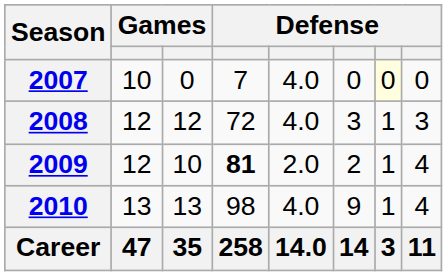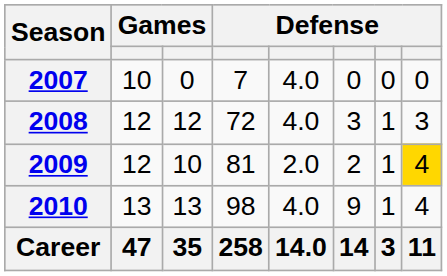 <table class="wikitable" style="text-align:center;">
 <tr>
 <th rowspan="2">Season</th>
 <th colspan="2">Games</th>
 <th colspan="5">Defense</th>
 </tr>
 <tr>
 <th></th>
 <th></th>
 <th></th>
 <th></th>
 <th></th>
 <th></th>
 <th></th>
 </tr>
 <tr>
 <th><a href='#'>2007</a></th>
 <td>10</td>
 <td>0</td>
 <td>7</td>
 <td>4.0</td>
 <td>0</td>
-<td style="background: lightyellow;">0</td>
+<td>0</td>
 <td>0</td>
 </tr>
 <tr>
 <th><a href='#'>2008</a></th>
 <td>12</td>
 <td>12</td>
 <td>72</td>
 <td>4.0</td>
 <td>3</td>
 <td>1</td>
 <td>3</td>
 </tr>
 <tr>
 <th><a href='#'>2009</a></th>
 <td>12</td>
 <td>10</td>
-<td><strong>81</strong></td>
+<td>81</td>
 <td>2.0</td>
 <td>2</td>
 <td>1</td>
-<td>4</td>
+<td style="background: gold;">4</td>
 </tr>
 <tr>
 <th><a href='#'>2010</a></th>
 <td>13</td>
 <td>13</td>
 <td>98</td>
 <td>4.0</td>
 <td>9</td>
 <td>1</td>
 <td>4</td>
 </tr>
 <tr>
 <th>Career</th>
 <th>47</th>
 <th>35</th>
 <th>258</th>
 <th>14.0</th>
 <th>14</th>
 <th>3</th>
 <th>11</th>
 </tr>
 </table>
